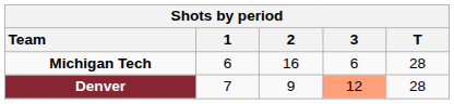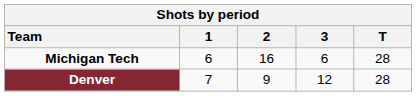 <table class="wikitable" style="width:30em; text-align:right;">
 <tr>
 <th colspan=6>Shots by period</th>
 </tr>
 <tr>
 <th style="width:10em; text-align:left;">Team</th>
 <th style="width:3em;">1</th>
 <th style="width:3em;">2</th>
 <th style="width:3em;">3</th>
 <th style="width:3em;">T</th>
 </tr>
 <tr>
 <td align=center><strong>Michigan Tech</strong></td>
 <td align=center>6</td>
 <td align=center>16</td>
 <td align=center>6</td>
 <td align=center>28</td>
 </tr>
 <tr>
 <td align=center style="color:white; background:#862633; "><strong>Denver</strong></td>
 <td align=center>7</td>
 <td align=center>9</td>
-<td align=center style="background: lightsalmon;">12</td>
+<td align=center>12</td>
 <td align=center>28</td>
 </tr>
 </table>
